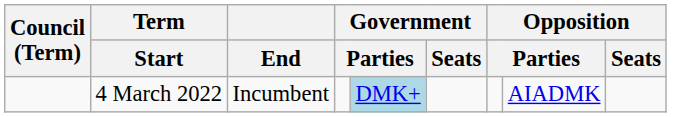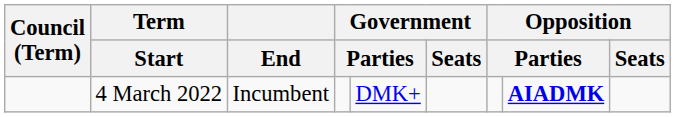 <table class="wikitable sortable" style="text-align:center">
 <tr>
 <th rowspan="2" scope="col">Council<br>(Term)</th>
 <th scope="col" class="unsortable">Term</th>
 <th></th>
 <th colspan="3">Government</th>
 <th colspan="3">Opposition</th>
 </tr>
 <tr>
 <th>Start</th>
 <th>End</th>
 <th colspan="2">Parties</th>
 <th>Seats</th>
 <th colspan="2">Parties</th>
 <th>Seats</th>
 </tr>
 <tr>
 <td></td>
 <td>4 March 2022</td>
 <td>Incumbent</td>
 <td width="4px"><br></td>
-<td style="background: lightblue;"><a href='#'>DMK+</a></td>
+<td><a href='#'>DMK+</a></td>
 <td></td>
 <td width="4px"><br></td>
-<td><a href='#'>AIADMK</a></td>
+<td><strong><a href='#'>AIADMK</a></strong></td>
 <td></td>
 </tr>
 </table>
